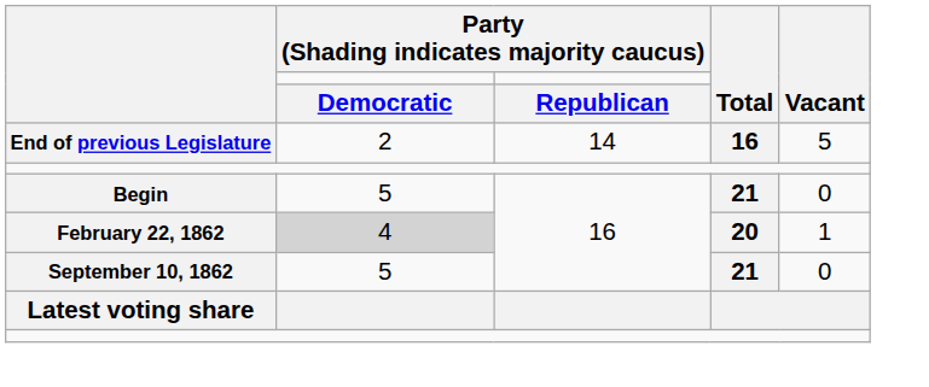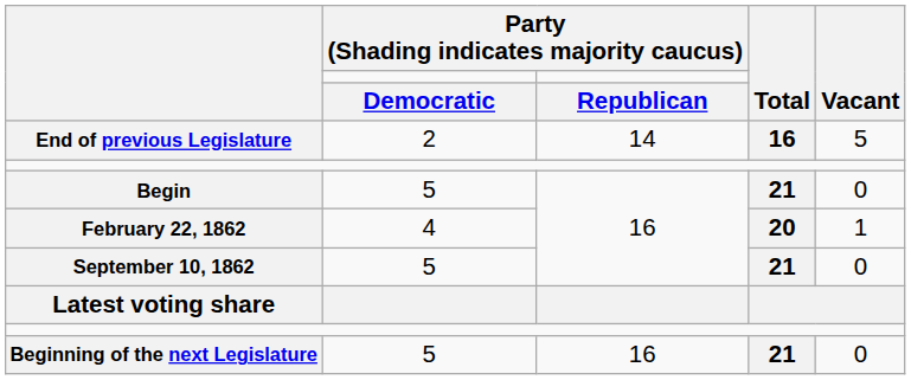 <table class=wikitable style="text-align:center">
 <tr style="vertical-align:bottom;">
 <th rowspan=3></th>
 <th colspan=2>Party <div>(Shading indicates majority caucus)</div></th>
 <th rowspan=3>Total</th>
 <th rowspan=3>Vacant</th>
 </tr>
 <tr style="height:5px">
 <td style="background-color:"></td>
 <td style="background-color:"></td>
 </tr>
 <tr>
 <th><a href='#'>Democratic</a></th>
 <th><a href='#'>Republican</a></th>
 </tr>
 <tr>
 <th style="white-space:nowrap; font-size:80%;">End of <a href='#'>previous Legislature</a></th>
 <td>2</td>
 <td>14</td>
 <th>16</th>
 <td>5</td>
 </tr>
 <tr>
 <td colspan=5></td>
 </tr>
 <tr>
 <th style="font-size:80%">Begin</th>
 <td>5</td>
 <td rowspan="3" >16</td>
 <th>21</th>
 <td>0</td>
 </tr>
 <tr>
 <th style="font-size:80%">February 22, 1862</th>
-<td style="background: lightgrey;">4</td>
+<td>4</td>
 <th>20</th>
 <td>1</td>
 </tr>
 <tr>
 <th style="font-size:80%">September 10, 1862</th>
 <td>5</td>
 <th>21</th>
 <td>0</td>
 </tr>
 <tr>
 <th>Latest voting share</th>
 <th></th>
 <th></th>
 <th colspan=2></th>
 </tr>
 <tr>
 <td colspan=5></td>
 </tr>
+<tr>
+<th style="white-space:nowrap; font-size:80%;">Beginning of the <a href='#'>next Legislature</a></th>
+<td>5</td>
+<td>16</td>
+<th>21</th>
+<td>0</td>
+</tr>
 </table>
